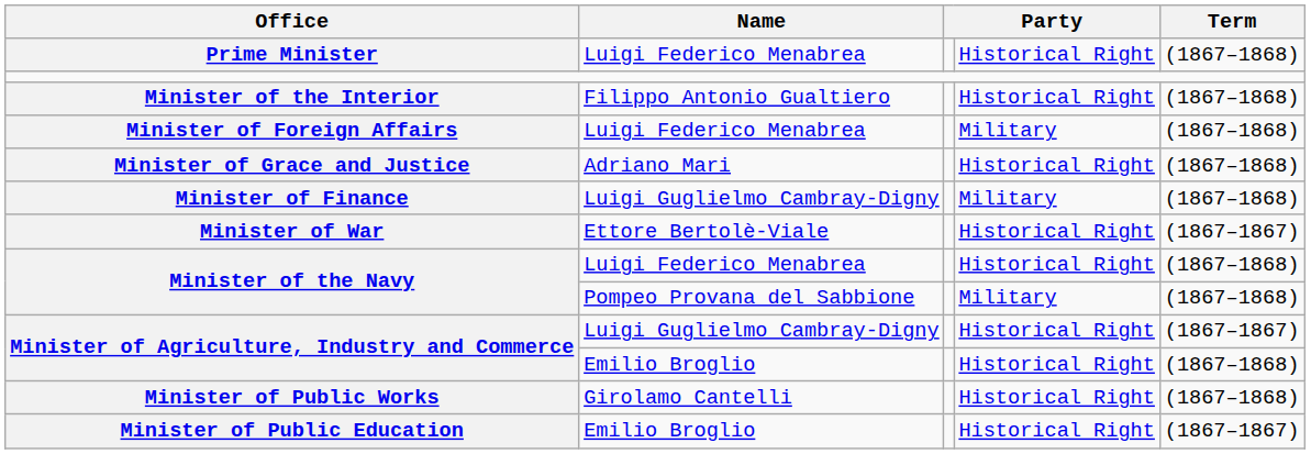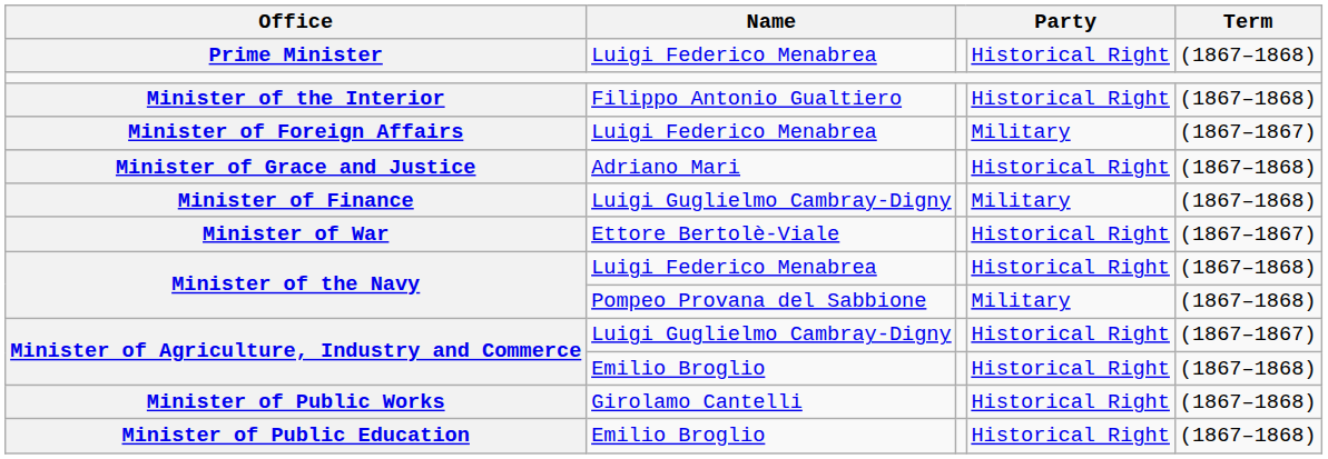 <table class="wikitable" style="font-size: 100%;">
 <tr>
 <th>Office</th>
 <th>Name</th>
 <th colspan=2>Party</th>
 <th>Term</th>
 </tr>
 <tr>
 <th><a href='#'>Prime Minister</a></th>
 <td><a href='#'>Luigi Federico Menabrea</a></td>
 <td style="color:inherit;background:"></td>
 <td><a href='#'>Historical Right</a></td>
 <td>(1867–1868)</td>
 </tr>
 <tr>
 <td colspan=5></td>
 </tr>
 <tr>
 <th><a href='#'>Minister of the Interior</a></th>
 <td><a href='#'>Filippo Antonio Gualtiero</a></td>
 <td style="color:inherit;background:"></td>
 <td><a href='#'>Historical Right</a></td>
 <td>(1867–1868)</td>
 </tr>
 <tr>
 <th><a href='#'>Minister of Foreign Affairs</a></th>
 <td><a href='#'>Luigi Federico Menabrea</a></td>
 <td style="color:inherit;background:"></td>
 <td><a href='#'>Military</a></td>
-<td>(1867–1868)</td>
+<td>(1867–1867)</td>
 </tr>
 <tr>
 <th><a href='#'>Minister of Grace and Justice</a></th>
 <td><a href='#'>Adriano Mari</a></td>
 <td style="color:inherit;background:"></td>
 <td><a href='#'>Historical Right</a></td>
 <td>(1867–1868)</td>
 </tr>
 <tr>
 <th><a href='#'>Minister of Finance</a></th>
 <td><a href='#'>Luigi Guglielmo Cambray-Digny</a></td>
 <td style="color:inherit;background:"></td>
 <td><a href='#'>Military</a></td>
 <td>(1867–1868)</td>
 </tr>
 <tr>
 <th><a href='#'>Minister of War</a></th>
 <td><a href='#'>Ettore Bertolè-Viale</a></td>
 <td style="color:inherit;background:"></td>
 <td><a href='#'>Historical Right</a></td>
 <td>(1867–1867)</td>
 </tr>
 <tr>
 <th rowspan=2><a href='#'>Minister of the Navy</a></th>
 <td><a href='#'>Luigi Federico Menabrea</a></td>
 <td style="color:inherit;background:"></td>
 <td><a href='#'>Historical Right</a></td>
 <td>(1867–1868)</td>
 </tr>
 <tr>
 <td><a href='#'>Pompeo Provana del Sabbione</a></td>
 <td style="color:inherit;background:"></td>
 <td><a href='#'>Military</a></td>
 <td>(1867–1868)</td>
 </tr>
 <tr>
 <th rowspan=2><a href='#'>Minister of Agriculture, Industry and Commerce</a></th>
 <td><a href='#'>Luigi Guglielmo Cambray-Digny</a></td>
 <td style="color:inherit;background:"></td>
 <td><a href='#'>Historical Right</a></td>
 <td>(1867–1867)</td>
 </tr>
 <tr>
 <td><a href='#'>Emilio Broglio</a></td>
 <td style="color:inherit;background:"></td>
 <td><a href='#'>Historical Right</a></td>
 <td>(1867–1868)</td>
 </tr>
 <tr>
 <th><a href='#'>Minister of Public Works</a></th>
 <td><a href='#'>Girolamo Cantelli</a></td>
 <td style="color:inherit;background:"></td>
 <td><a href='#'>Historical Right</a></td>
 <td>(1867–1868)</td>
 </tr>
 <tr>
 <th><a href='#'>Minister of Public Education</a></th>
 <td><a href='#'>Emilio Broglio</a></td>
 <td style="color:inherit;background:"></td>
 <td><a href='#'>Historical Right</a></td>
-<td>(1867–1867)</td>
+<td>(1867–1868)</td>
 </tr>
 </table>
